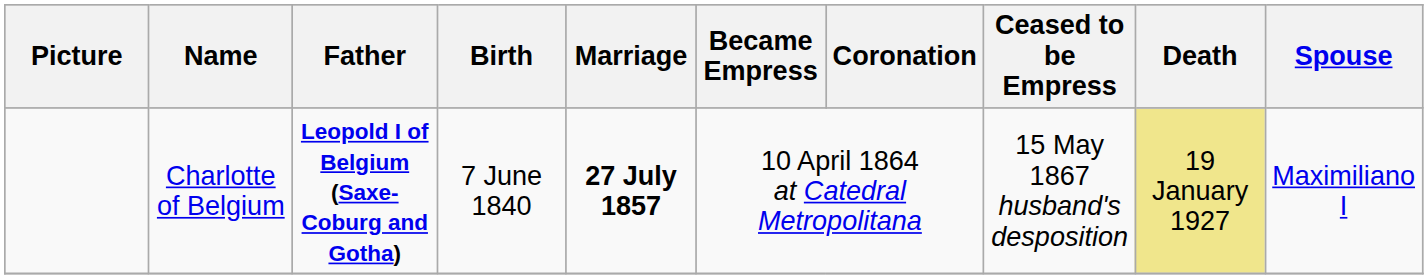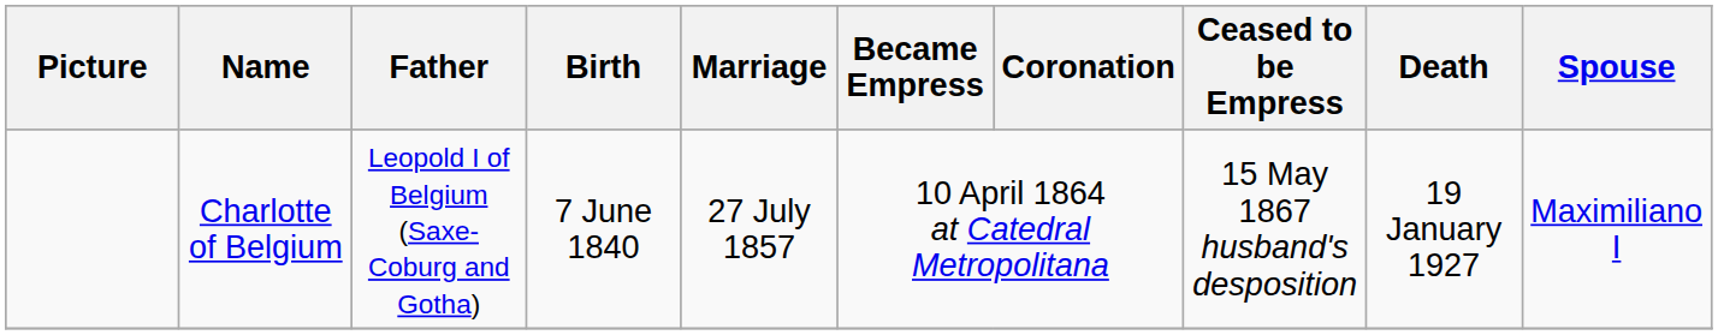 <table width=95% class="wikitable">
 <tr>
 <th width = "10%">Picture</th>
 <th width = "10%">Name</th>
 <th width = "10%">Father</th>
 <th width = "9%">Birth</th>
 <th width = "9%">Marriage</th>
 <th width = "9%">Became Empress</th>
 <th width = "9%">Coronation</th>
 <th width = "9%">Ceased to be Empress</th>
 <th width = "9%">Death</th>
 <th width = "10%"><a href='#'>Spouse</a></th>
 </tr>
 <tr>
 <td align="center"></td>
 <td align="center"><a href='#'>Charlotte of Belgium</a></td>
-<td align="center"><strong><small><a href='#'>Leopold I of Belgium</a><br>(<a href='#'>Saxe-Coburg and Gotha</a>)</small></strong></td>
+<td align="center"><small><a href='#'>Leopold I of Belgium</a><br>(<a href='#'>Saxe-Coburg and Gotha</a>)</small></td>
 <td align="center">7 June 1840</td>
-<td align="center"><strong>27 July 1857</strong></td>
+<td align="center">27 July 1857</td>
 <td align="center" colspan="2">10 April 1864<br><em>at <a href='#'>Catedral Metropolitana</a></em></td>
 <td align="center">15 May 1867<br><em>husband's desposition</em></td>
-<td align="center" style="background: khaki;">19 January 1927</td>
+<td align="center">19 January 1927</td>
 <td align="center"><a href='#'>Maximiliano I</a></td>
 </tr>
 <tr>
 </tr>
 </table>
